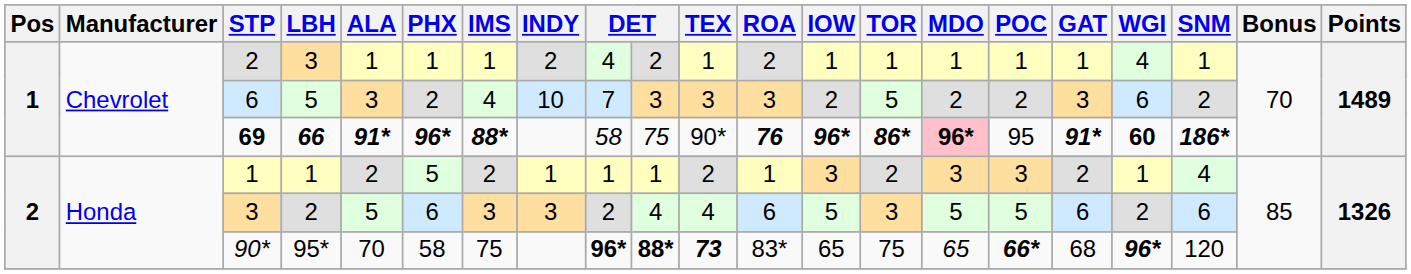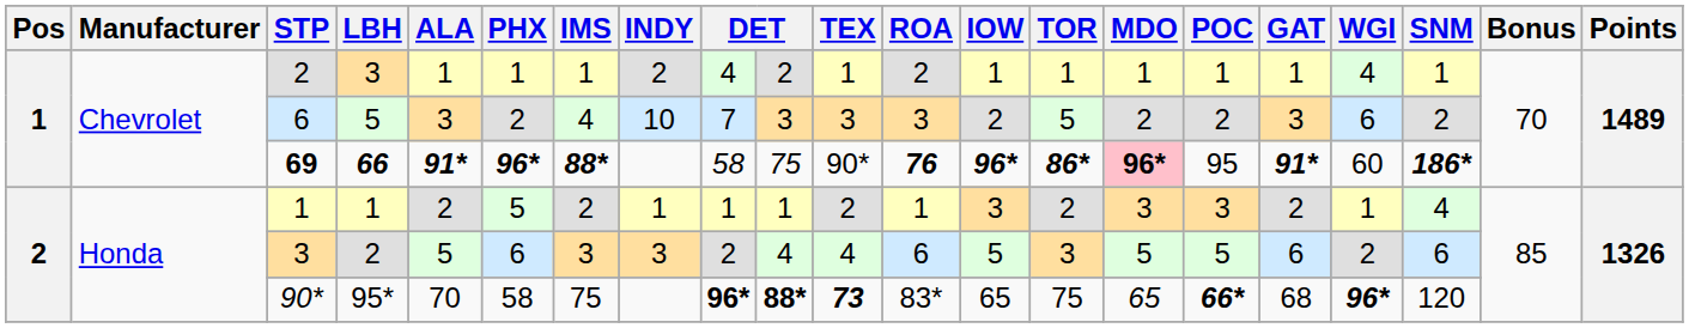 <table class="wikitable" style="font-size: 85%; text-align:center">
 <tr valign=top>
 <th valign=middle>Pos</th>
 <th valign=middle>Manufacturer</th>
 <th><a href='#'>STP</a></th>
 <th><a href='#'>LBH</a></th>
 <th><a href='#'>ALA</a></th>
 <th><a href='#'>PHX</a></th>
 <th><a href='#'>IMS</a></th>
 <th><a href='#'>INDY</a></th>
 <th colspan=2><a href='#'>DET</a></th>
 <th><a href='#'>TEX</a></th>
 <th><a href='#'>ROA</a></th>
 <th><a href='#'>IOW</a></th>
 <th><a href='#'>TOR</a></th>
 <th><a href='#'>MDO</a></th>
 <th><a href='#'>POC</a></th>
 <th><a href='#'>GAT</a></th>
 <th><a href='#'>WGI</a></th>
 <th><a href='#'>SNM</a></th>
 <th valign=middle>Bonus</th>
 <th valign=middle>Points</th>
 </tr>
 <tr>
 <th rowspan=3>1</th>
 <td rowspan=3 align="left"><a href='#'>Chevrolet</a></td>
 <td style="background:#DFDFDF">2</td>
 <td style="background:#FFDF9F">3</td>
 <td style="background:#FFFFBF">1</td>
 <td style="background:#FFFFBF">1</td>
 <td style="background:#FFFFBF">1</td>
 <td style="background:#DFDFDF">2</td>
 <td style="background:#DFFFDF">4</td>
 <td style="background:#DFDFDF">2</td>
 <td style="background:#FFFFBF">1</td>
 <td style="background:#DFDFDF">2</td>
 <td style="background:#FFFFBF">1</td>
 <td style="background:#FFFFBF">1</td>
 <td style="background:#FFFFBF">1</td>
 <td style="background:#FFFFBF">1</td>
 <td style="background:#FFFFBF">1</td>
 <td style="background:#DFFFDF">4</td>
 <td style="background:#FFFFBF">1</td>
 <td rowspan=3>70</td>
 <th rowspan=3>1489</th>
 </tr>
 <tr>
 <td style="background:#CFEAFF">6</td>
 <td style="background:#DFFFDF">5</td>
 <td style="background:#FFDF9F">3</td>
 <td style="background:#DFDFDF">2</td>
 <td style="background:#DFFFDF">4</td>
 <td style="background:#CFEAFF">10</td>
 <td style="background:#CFEAFF">7</td>
 <td style="background:#FFDF9F">3</td>
 <td style="background:#FFDF9F">3</td>
 <td style="background:#FFDF9F">3</td>
 <td style="background:#DFDFDF">2</td>
 <td style="background:#DFFFDF">5</td>
 <td style="background:#DFDFDF">2</td>
 <td style="background:#DFDFDF">2</td>
 <td style="background:#FFDF9F">3</td>
 <td style="background:#CFEAFF">6</td>
 <td style="background:#DFDFDF">2</td>
 </tr>
 <tr>
 <td><strong>69</strong></td>
 <td><strong><em>66</em></strong></td>
 <td><strong><em>91*</em></strong></td>
 <td><strong><em>96*</em></strong></td>
 <td><strong><em>88*</em></strong></td>
 <td></td>
 <td><em>58</em></td>
 <td><em>75</em></td>
 <td>90*</td>
 <td><strong><em>76</em></strong></td>
 <td><strong><em>96*</em></strong></td>
 <td><strong><em>86*</em></strong></td>
 <td style="background: pink;"><strong>96*</strong></td>
 <td>95</td>
 <td><strong><em>91*</em></strong></td>
-<td><strong>60</strong></td>
+<td>60</td>
 <td><strong><em>186*</em></strong></td>
 </tr>
 <tr>
 <th rowspan=3>2</th>
 <td rowspan=3 align="left"><a href='#'>Honda</a></td>
 <td style="background:#FFFFBF">1</td>
 <td style="background:#FFFFBF">1</td>
 <td style="background:#DFDFDF">2</td>
 <td style="background:#DFFFDF">5</td>
 <td style="background:#DFDFDF">2</td>
 <td style="background:#FFFFBF">1</td>
 <td style="background:#FFFFBF">1</td>
 <td style="background:#FFFFBF">1</td>
 <td style="background:#DFDFDF">2</td>
 <td style="background:#FFFFBF">1</td>
 <td style="background:#FFDF9F">3</td>
 <td style="background:#DFDFDF">2</td>
 <td style="background:#FFDF9F">3</td>
 <td style="background:#FFDF9F">3</td>
 <td style="background:#DFDFDF">2</td>
 <td style="background:#FFFFBF">1</td>
 <td style="background:#DFFFDF">4</td>
 <td rowspan=3>85</td>
 <th rowspan=3>1326</th>
 </tr>
 <tr>
 <td style="background:#FFDF9F">3</td>
 <td style="background:#DFDFDF">2</td>
 <td style="background:#DFFFDF">5</td>
 <td style="background:#CFEAFF">6</td>
 <td style="background:#FFDF9F">3</td>
 <td style="background:#FFDF9F">3</td>
 <td style="background:#DFDFDF">2</td>
 <td style="background:#DFFFDF">4</td>
 <td style="background:#DFFFDF">4</td>
 <td style="background:#CFEAFF">6</td>
 <td style="background:#DFFFDF">5</td>
 <td style="background:#FFDF9F">3</td>
 <td style="background:#DFFFDF">5</td>
 <td style="background:#DFFFDF">5</td>
 <td style="background:#CFEAFF">6</td>
 <td style="background:#DFDFDF">2</td>
 <td style="background:#CFEAFF">6</td>
 </tr>
 <tr>
 <td><em>90*</em></td>
 <td>95*</td>
 <td>70</td>
 <td>58</td>
 <td>75</td>
 <td></td>
 <td><strong>96*</strong></td>
 <td><strong>88*</strong></td>
 <td><strong><em>73</em></strong></td>
 <td>83*</td>
 <td>65</td>
 <td>75</td>
 <td><em>65</em></td>
 <td><strong><em>66*</em></strong></td>
 <td>68</td>
 <td><strong><em>96*</em></strong></td>
 <td>120</td>
 </tr>
 </table>
